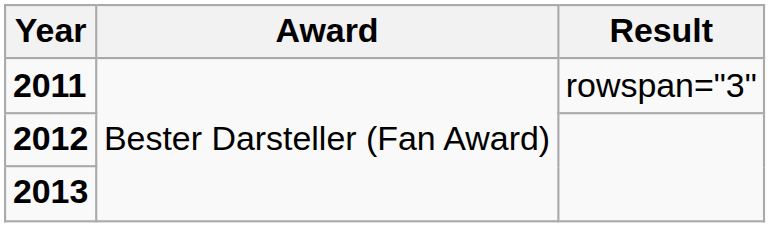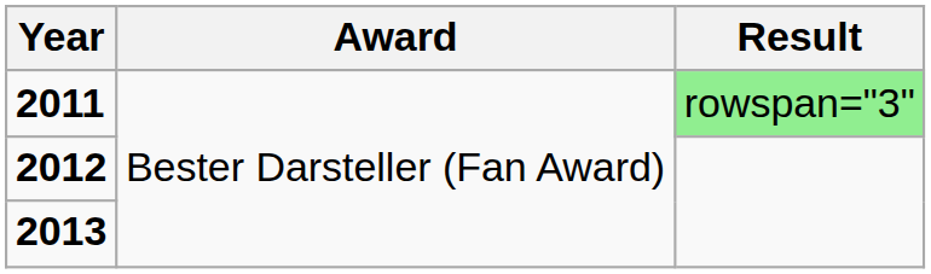 <table Class="wikitable">
 <tr>
 <th>Year</th>
 <th>Award</th>
 <th>Result</th>
 </tr>
 <tr>
 <td><strong>2011</strong></td>
 <td rowspan="3">Bester Darsteller (Fan Award)</td>
-<td>rowspan="3" </td>
+<td style="background: lightgreen;">rowspan="3" </td>
 </tr>
 <tr>
 <td><strong>2012</strong></td>
 </tr>
 <tr>
 <td><strong>2013</strong></td>
 </tr>
 </table>
